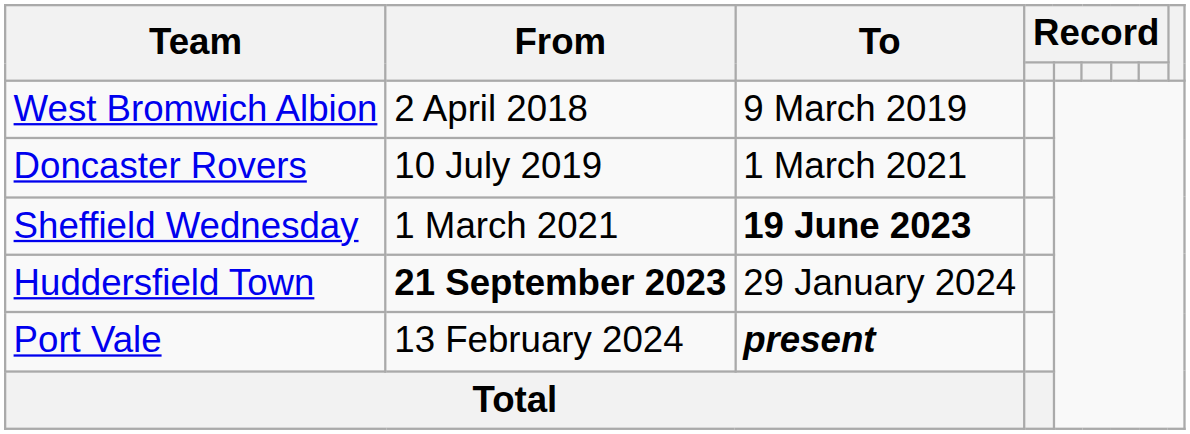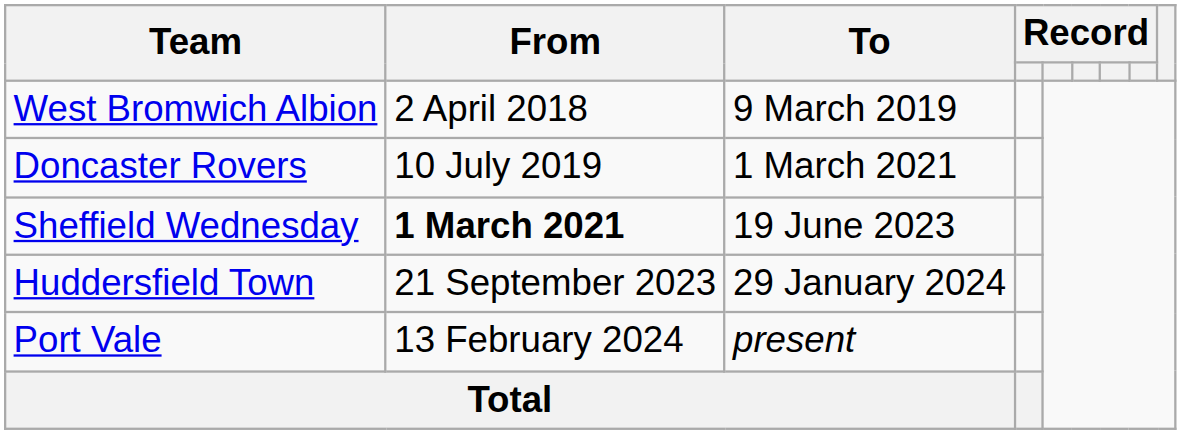 <table class=wikitable style=text-align:center>
 <tr>
 <th rowspan=2>Team</th>
 <th rowspan=2>From</th>
 <th rowspan=2>To</th>
 <th colspan=5>Record</th>
 <th rowspan=2></th>
 </tr>
 <tr>
 <th></th>
 <th></th>
 <th></th>
 <th></th>
 <th></th>
 </tr>
 <tr>
 <td align=left><a href='#'>West Bromwich Albion</a></td>
 <td align=left>2 April 2018</td>
 <td align=left>9 March 2019<br></td>
 <td></td>
 </tr>
 <tr>
 <td align=left><a href='#'>Doncaster Rovers</a></td>
 <td align=left>10 July 2019</td>
 <td align=left>1 March 2021<br></td>
 <td></td>
 </tr>
 <tr>
 <td align=left><a href='#'>Sheffield Wednesday</a></td>
-<td align=left>1 March 2021</td>
-<td align=left><strong>19 June 2023<br></strong></td>
+<td align=left><strong>1 March 2021</strong></td>
+<td align=left>19 June 2023<br></td>
 <td></td>
 </tr>
 <tr>
 <td align=left><a href='#'>Huddersfield Town</a></td>
-<td align=left><strong>21 September 2023</strong></td>
+<td align=left>21 September 2023</td>
 <td align=left>29 January 2024<br></td>
 <td></td>
 </tr>
 <tr>
 <td align=left><a href='#'>Port Vale</a></td>
 <td align=left>13 February 2024</td>
-<td align=left><strong><em>present</em><br></strong></td>
+<td align=left><em>present</em><br></td>
 <td></td>
 </tr>
 <tr>
 <th colspan=3>Total<br></th>
 <th></th>
 </tr>
 </table>
